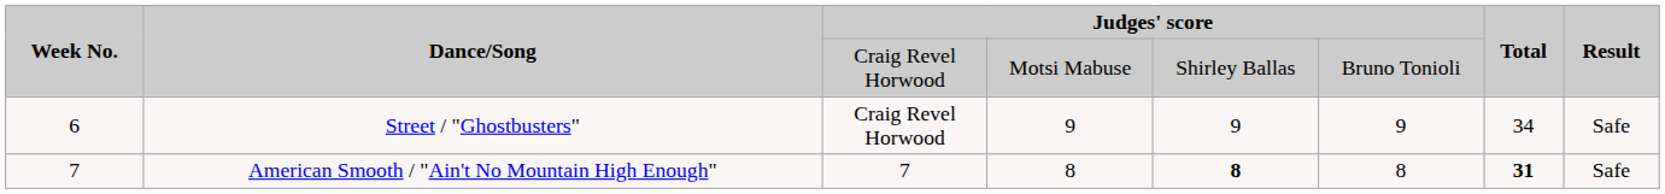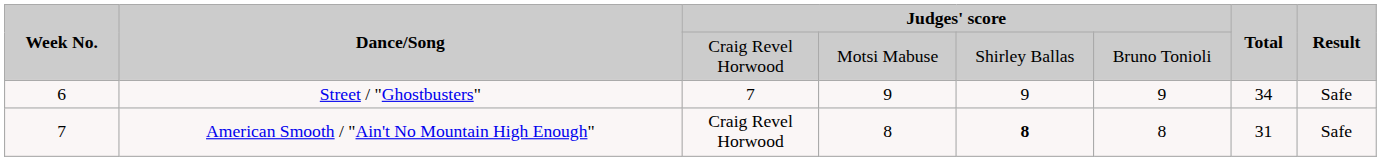 <table class="wikitable">
 <tr>
 <th rowspan="2" style="background:#ccc; text-align:Center;"><strong>Week No.</strong></th>
 <th rowspan="2" style="background:#ccc; text-align:Center;"><strong>Dance/Song</strong></th>
 <th colspan="4" style="background:#ccc; text-align:Center;"><strong>Judges' score</strong></th>
 <th rowspan="2" style="background:#ccc; text-align:Center;"><strong>Total</strong></th>
 <th rowspan="2" style="background:#ccc; text-align:Center;"><strong>Result</strong></th>
 </tr>
 <tr style="text-align:center; background:#ccc;">
 <td style="width:10%; ">Craig Revel Horwood</td>
 <td style="width:10%; ">Motsi Mabuse</td>
 <td style="width:10%; ">Shirley Ballas</td>
 <td style="width:10%; ">Bruno Tonioli</td>
 </tr>
 <tr style="text-align:center; background:#faf6f6">
 <td>6</td>
 <td><a href='#'>Street</a> / "<a href='#'>Ghostbusters</a>"</td>
-<td style="width:10%; ">Craig Revel Horwood</td>
+<td>7</td>
 <td>9</td>
 <td>9</td>
 <td>9</td>
 <td>34</td>
 <td>Safe</td>
 </tr>
 <tr style="text-align:center; background:#faf6f6;">
 <td>7</td>
 <td><a href='#'>American Smooth</a> / "<a href='#'>Ain't No Mountain High Enough</a>"</td>
-<td>7</td>
+<td style="width:10%; ">Craig Revel Horwood</td>
 <td>8</td>
 <td><strong>8</strong></td>
 <td>8</td>
-<td><strong>31</strong></td>
+<td>31</td>
 <td>Safe</td>
 </tr>
 </table>
